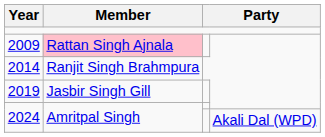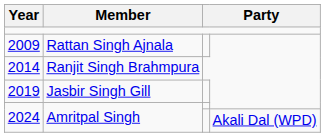 <table class="wikitable">
 <tr>
 <th>Year</th>
 <th>Member</th>
 <th colspan="2">Party</th>
 </tr>
 <tr>
 <td colspan="4"></td>
 </tr>
 <tr>
 <td><a href='#'>2009</a></td>
-<td style="background: pink;"><a href='#'>Rattan Singh Ajnala</a></td>
+<td><a href='#'>Rattan Singh Ajnala</a></td>
 <td></td>
 </tr>
 <tr>
 <td><a href='#'>2014</a></td>
 <td><a href='#'>Ranjit Singh Brahmpura</a></td>
 </tr>
 <tr>
 <td><a href='#'>2019</a></td>
 <td><a href='#'>Jasbir Singh Gill</a></td>
 <td></td>
 </tr>
 <tr>
 <td rowspan="2"><a href='#'>2024</a></td>
 <td rowspan="2"><a href='#'>Amritpal Singh</a></td>
 <td></td>
 </tr>
 <tr>
 <td style="background-color: "></td>
 <td><a href='#'>Akali Dal (WPD)</a></td>
 </tr>
 </table>
